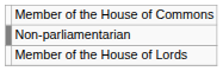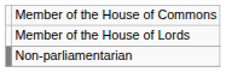 <table class="wikitable">
 <tr>
 <td style="background: "></td>
 <td>Member of the House of Commons</td>
+</tr>
+<tr>
+<td style="background: "></td>
+<td>Member of the House of Lords</td>
+</tr>
+<tr>
 </tr>
 <tr>
 <td style="background: grey; width: 1px;"></td>
 <td>Non-parliamentarian</td>
 </tr>
 <tr>
 </tr>
-<tr>
-<td style="background: "></td>
-<td>Member of the House of Lords</td>
-</tr>
-<tr>
-</tr>
 </table>
